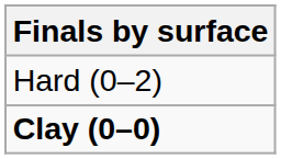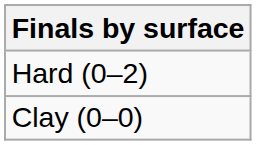 <table class=wikitable style=font-size:90%>
 <tr>
 <th>Finals by surface</th>
 </tr>
 <tr>
 <td>Hard (0–2)</td>
 </tr>
 <tr>
-<td><strong>Clay (0–0)</strong></td>
+<td>Clay (0–0)</td>
 </tr>
 </table>
